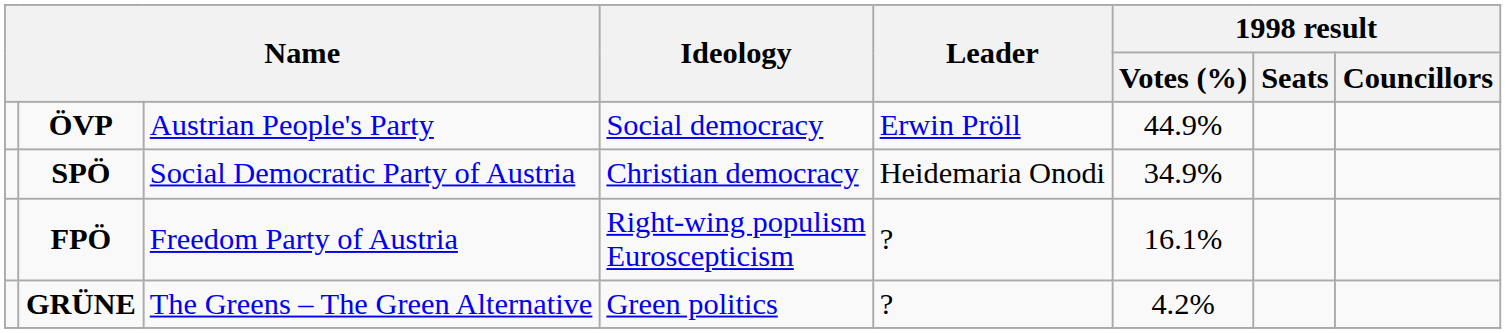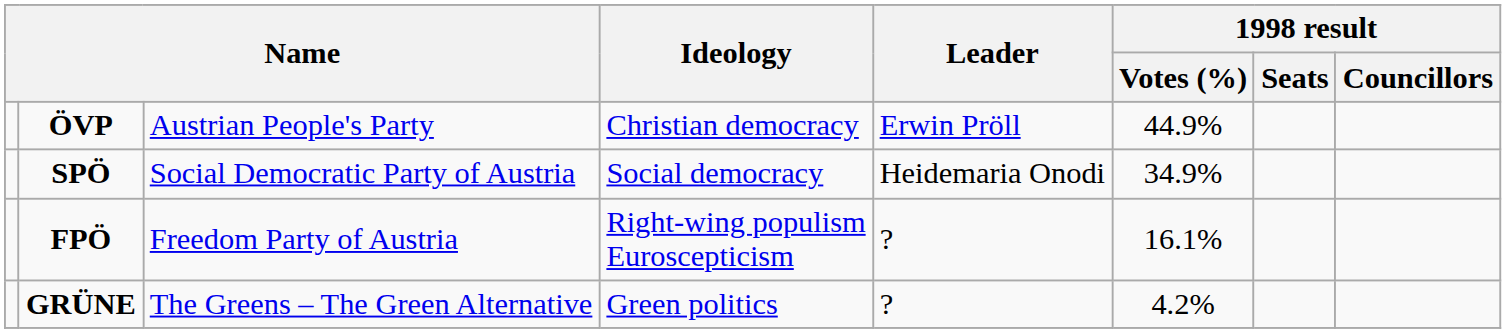 <table class="wikitable">
 <tr>
 <th rowspan="2" colspan="3">Name</th>
 <th rowspan="2">Ideology</th>
 <th rowspan="2">Leader</th>
 <th colspan="3">1998 result</th>
 </tr>
 <tr>
 <th>Votes (%)</th>
 <th>Seats</th>
 <th>Councillors</th>
 </tr>
 <tr>
 <td style="background:"></td>
 <td style="text-align:center;"><strong>ÖVP</strong></td>
 <td><a href='#'>Austrian People's Party</a><br></td>
-<td><a href='#'>Social democracy</a></td>
+<td><a href='#'>Christian democracy</a></td>
 <td><a href='#'>Erwin Pröll</a></td>
 <td style="text-align:center;">44.9%</td>
 <td></td>
 <td></td>
 </tr>
 <tr>
 <td style="background:"></td>
 <td style="text-align:center;"><strong>SPÖ</strong></td>
 <td><a href='#'>Social Democratic Party of Austria</a><br></td>
-<td><a href='#'>Christian democracy</a></td>
+<td><a href='#'>Social democracy</a></td>
 <td>Heidemaria Onodi</td>
 <td style="text-align:center;">34.9%</td>
 <td></td>
 <td></td>
 </tr>
 <tr>
 <td style="background:"></td>
 <td style="text-align:center;"><strong>FPÖ</strong></td>
 <td><a href='#'>Freedom Party of Austria</a><br></td>
 <td><a href='#'>Right-wing populism</a><br><a href='#'>Euroscepticism</a></td>
 <td>?</td>
 <td style="text-align:center;">16.1%</td>
 <td></td>
 <td></td>
 </tr>
 <tr>
 <td style="background:"></td>
 <td style="text-align:center;"><strong>GRÜNE</strong></td>
 <td><a href='#'>The Greens – The Green Alternative</a><br></td>
 <td><a href='#'>Green politics</a></td>
 <td>?</td>
 <td style="text-align:center;">4.2%</td>
 <td></td>
 </tr>
 </table>
